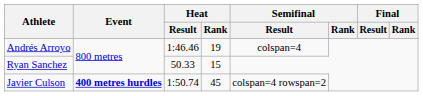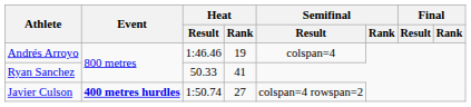 <table class=wikitable style=font-size:90%>
 <tr>
 <th rowspan=2>Athlete</th>
 <th rowspan=2>Event</th>
 <th colspan=2>Heat</th>
 <th colspan=2>Semifinal</th>
 <th colspan=2>Final</th>
 </tr>
 <tr style=font-size:95%>
 <th>Result</th>
 <th>Rank</th>
 <th>Result</th>
 <th>Rank</th>
 <th>Result</th>
 <th>Rank</th>
 </tr>
 <tr align=center>
 <td align=left><a href='#'>Andrés Arroyo</a></td>
 <td align=left rowspan=2><a href='#'>800 metres</a></td>
 <td>1:46.46</td>
 <td>19</td>
 <td>colspan=4 </td>
 </tr>
 <tr align=center>
 <td align=left><a href='#'>Ryan Sanchez</a></td>
 <td>50.33</td>
-<td>15</td>
+<td>41</td>
 </tr>
 <tr align=center>
 <td align=left><a href='#'>Javier Culson</a></td>
 <td align=left><strong><a href='#'>400 metres hurdles</a></strong></td>
 <td>1:50.74</td>
-<td>45</td>
+<td>27</td>
 <td>colspan=4 rowspan=2 </td>
 </tr>
 </table>
